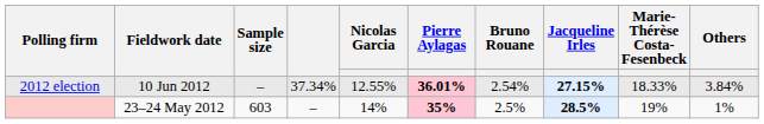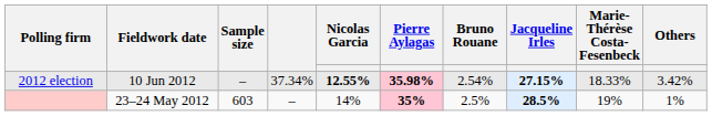 <table class="wikitable sortable" style="text-align:center;font-size:90%;line-height:14px;">
 <tr style="height:40px;">
 <th style="width:100px;" rowspan="2">Polling firm</th>
 <th style="width:110px;" rowspan="2">Fieldwork date</th>
 <th style="width:35px;" rowspan="2">Sample<br>size</th>
 <th style="width:30px;" rowspan="2"></th>
 <th class="unsortable" style="width:60px;">Nicolas Garcia<br></th>
 <th class="unsortable" style="width:60px;"><a href='#'>Pierre Aylagas</a><br></th>
 <th class="unsortable" style="width:60px;">Bruno Rouane<br></th>
 <th class="unsortable" style="width:60px;"><a href='#'>Jacqueline Irles</a><br></th>
 <th class="unsortable" style="width:60px;">Marie-Thérèse Costa-Fesenbeck<br></th>
 <th class="unsortable" style="width:60px;">Others</th>
 </tr>
 <tr>
 <th style="background:"></th>
 <th style="background:"></th>
 <th style="background:"></th>
 <th style="background:"></th>
 <th style="background:"></th>
 <th style="background:"></th>
 </tr>
 <tr style="background:#E9E9E9;">
 <td><a href='#'>2012 election</a></td>
 <td data-sort-value="2012-06-10">10 Jun 2012</td>
 <td>–</td>
 <td>37.34%</td>
-<td>12.55%</td>
-<td style="background:#FFC6D5;"><strong>36.01%</strong></td>
+<td><strong>12.55%</strong></td>
+<td style="background:#FFC6D5;"><strong>35.98%</strong></td>
 <td>2.54%</td>
 <td style="background:#DFEEFF;"><strong>27.15%</strong></td>
 <td>18.33%</td>
-<td>3.84%</td>
+<td>3.42%</td>
 </tr>
 <tr>
 <td style="background:#FFCCCC;"></td>
 <td data-sort-value="2012-05-24">23–24 May 2012</td>
 <td>603</td>
 <td>–</td>
 <td>14%</td>
 <td style="background:#FFC6D5;"><strong>35%</strong></td>
 <td>2.5%</td>
 <td style="background:#DFEEFF;"><strong>28.5%</strong></td>
 <td>19%</td>
 <td>1%</td>
 </tr>
 </table>
